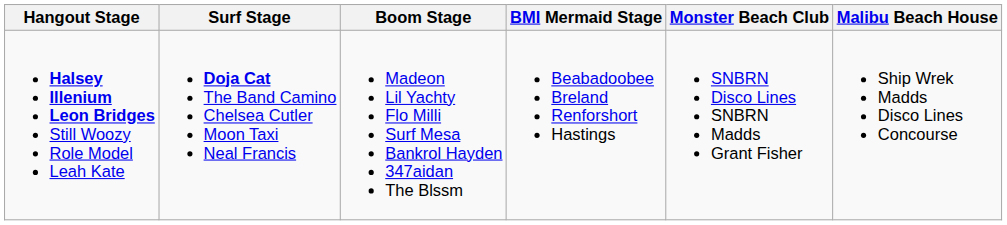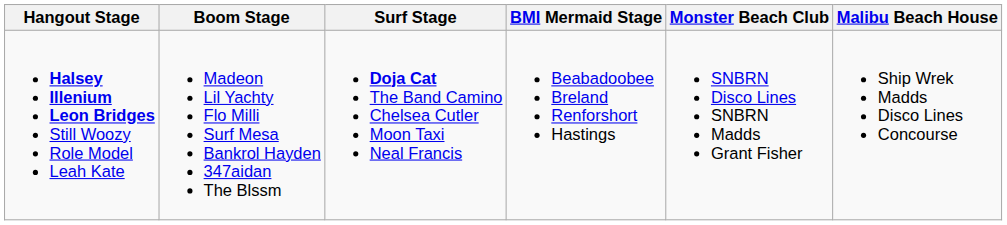 <table class="wikitable">
 <tr>
 <th>Hangout Stage</th>
+<th>Boom Stage</th>
 <th>Surf Stage</th>
-<th>Boom Stage</th>
 <th><a href='#'>BMI</a> Mermaid Stage</th>
 <th><a href='#'>Monster</a> Beach Club</th>
 <th><a href='#'>Malibu</a> Beach House</th>
 </tr>
 <tr valign="top">
 <td><br><ul><li><strong><a href='#'>Halsey</a></strong></li><li><strong><a href='#'>Illenium</a></strong></li><li><strong><a href='#'>Leon Bridges</a></strong></li><li><a href='#'>Still Woozy</a></li><li><a href='#'>Role Model</a></li><li><a href='#'>Leah Kate</a></li></ul></td>
+<td><br><ul><li><a href='#'>Madeon</a></li><li><a href='#'>Lil Yachty</a></li><li><a href='#'>Flo Milli</a></li><li><a href='#'>Surf Mesa</a></li><li><a href='#'>Bankrol Hayden</a></li><li><a href='#'>347aidan</a></li><li>The Blssm</li></ul></td>
 <td><br><ul><li><strong><a href='#'>Doja Cat</a></strong></li><li><a href='#'>The Band Camino</a></li><li><a href='#'>Chelsea Cutler</a></li><li><a href='#'>Moon Taxi</a></li><li><a href='#'>Neal Francis</a></li></ul></td>
-<td><br><ul><li><a href='#'>Madeon</a></li><li><a href='#'>Lil Yachty</a></li><li><a href='#'>Flo Milli</a></li><li><a href='#'>Surf Mesa</a></li><li><a href='#'>Bankrol Hayden</a></li><li><a href='#'>347aidan</a></li><li>The Blssm</li></ul></td>
 <td><br><ul><li><a href='#'>Beabadoobee</a></li><li><a href='#'>Breland</a></li><li><a href='#'>Renforshort</a></li><li>Hastings</li></ul></td>
 <td><br><ul><li><a href='#'>SNBRN</a></li><li><a href='#'>Disco Lines</a></li><li>SNBRN</li><li>Madds</li><li>Grant Fisher</li></ul></td>
 <td><br><ul><li>Ship Wrek</li><li>Madds</li><li>Disco Lines</li><li>Concourse</li></ul></td>
 </tr>
 </table>
